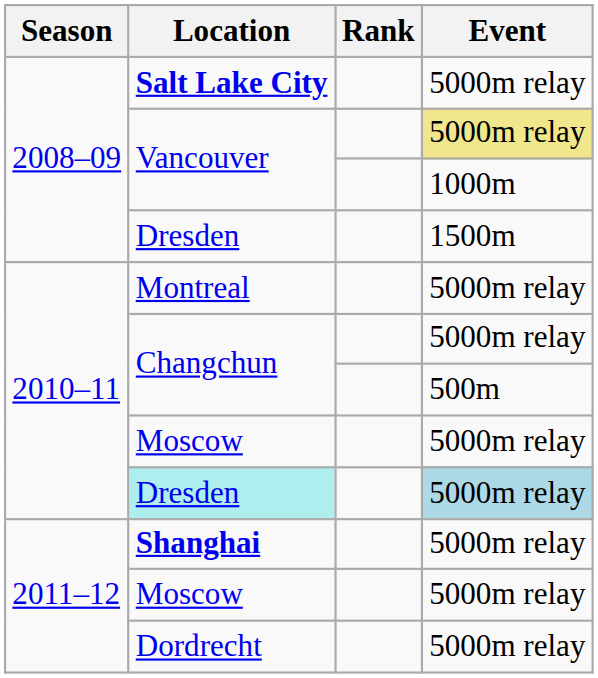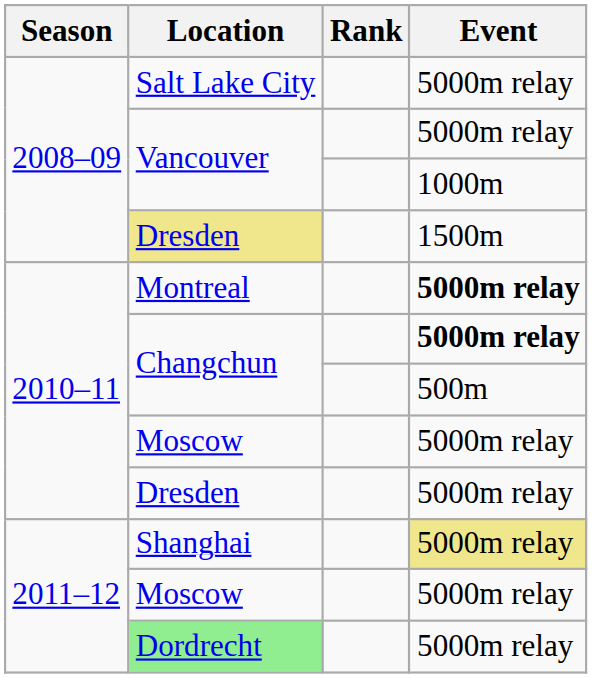 <table class="wikitable sortable" style="font-size:90%" style="text-align:center">
 <tr>
 <th>Season</th>
 <th>Location</th>
 <th>Rank</th>
 <th>Event</th>
 </tr>
 <tr>
 <td rowspan=4><a href='#'>2008–09</a></td>
-<td><strong> <a href='#'>Salt Lake City</a></strong></td>
+<td> <a href='#'>Salt Lake City</a></td>
 <td></td>
 <td>5000m relay</td>
 </tr>
 <tr>
 <td rowspan=2> <a href='#'>Vancouver</a></td>
 <td></td>
-<td style="background: khaki;">5000m relay</td>
+<td>5000m relay</td>
 </tr>
 <tr>
 <td></td>
 <td>1000m</td>
 </tr>
 <tr>
-<td> <a href='#'>Dresden</a></td>
+<td style="background: khaki;"> <a href='#'>Dresden</a></td>
 <td></td>
 <td>1500m</td>
 </tr>
 <tr>
 <td rowspan=5><a href='#'>2010–11</a></td>
 <td> <a href='#'>Montreal</a></td>
 <td></td>
-<td>5000m relay</td>
+<td><strong>5000m relay</strong></td>
 </tr>
 <tr>
 <td rowspan=2> <a href='#'>Changchun</a></td>
 <td></td>
-<td>5000m relay</td>
+<td><strong>5000m relay</strong></td>
 </tr>
 <tr>
 <td></td>
 <td>500m</td>
 </tr>
 <tr>
 <td> <a href='#'>Moscow</a></td>
 <td></td>
 <td>5000m relay</td>
 </tr>
 <tr>
-<td style="background: paleturquoise;"> <a href='#'>Dresden</a></td>
+<td> <a href='#'>Dresden</a></td>
 <td></td>
-<td style="background: lightblue;">5000m relay</td>
+<td>5000m relay</td>
 </tr>
 <tr>
 <td rowspan=3><a href='#'>2011–12</a></td>
-<td><strong> <a href='#'>Shanghai</a></strong></td>
+<td> <a href='#'>Shanghai</a></td>
 <td></td>
-<td>5000m relay</td>
+<td style="background: khaki;">5000m relay</td>
 </tr>
 <tr>
 <td> <a href='#'>Moscow</a></td>
 <td></td>
 <td>5000m relay</td>
 </tr>
 <tr>
-<td> <a href='#'>Dordrecht</a></td>
+<td style="background: lightgreen;"> <a href='#'>Dordrecht</a></td>
 <td></td>
 <td>5000m relay</td>
 </tr>
 </table>
